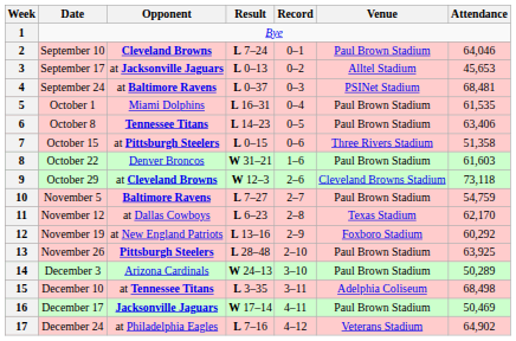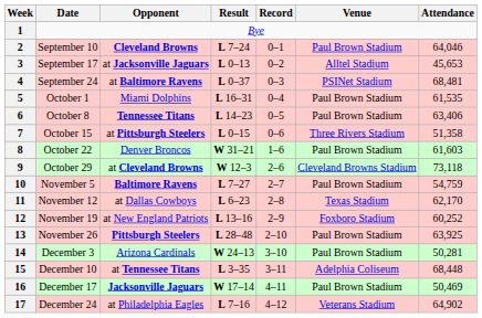 <table class="wikitable" style="text-align:center">
 <tr>
 <th>Week</th>
 <th>Date</th>
 <th>Opponent</th>
 <th>Result</th>
 <th>Record</th>
 <th>Venue</th>
 <th>Attendance</th>
 </tr>
 <tr>
 <th>1</th>
 <td colspan=6 align="center"><em><a href='#'>Bye</a></em></td>
 </tr>
 <tr style="background:#fcc">
 <th>2</th>
 <td>September 10</td>
 <td><strong><a href='#'>Cleveland Browns</a></strong></td>
 <td><strong>L</strong> 7–24</td>
 <td>0–1</td>
 <td><a href='#'>Paul Brown Stadium</a></td>
 <td>64,046</td>
 </tr>
 <tr style="background:#fcc">
 <th>3</th>
 <td>September 17</td>
 <td>at <strong><a href='#'>Jacksonville Jaguars</a></strong></td>
 <td><strong>L</strong> 0–13</td>
 <td>0–2</td>
 <td><a href='#'>Alltel Stadium</a></td>
 <td>45,653</td>
 </tr>
 <tr style="background:#fcc">
 <th>4</th>
 <td>September 24</td>
 <td>at <strong><a href='#'>Baltimore Ravens</a></strong></td>
 <td><strong>L</strong> 0–37</td>
 <td>0–3</td>
 <td><a href='#'>PSINet Stadium</a></td>
 <td>68,481</td>
 </tr>
 <tr style="background:#fcc">
 <th>5</th>
 <td>October 1</td>
 <td><a href='#'>Miami Dolphins</a></td>
 <td><strong>L</strong> 16–31</td>
 <td>0–4</td>
 <td>Paul Brown Stadium</td>
 <td>61,535</td>
 </tr>
 <tr style="background:#fcc">
 <th>6</th>
 <td>October 8</td>
 <td><strong><a href='#'>Tennessee Titans</a></strong></td>
 <td><strong>L</strong> 14–23</td>
 <td>0–5</td>
 <td>Paul Brown Stadium</td>
 <td>63,406</td>
 </tr>
 <tr style="background:#fcc">
 <th>7</th>
 <td>October 15</td>
 <td>at <strong><a href='#'>Pittsburgh Steelers</a></strong></td>
 <td><strong>L</strong> 0–15</td>
 <td>0–6</td>
 <td><a href='#'>Three Rivers Stadium</a></td>
 <td>51,358</td>
 </tr>
 <tr style="background:#cfc">
 <th>8</th>
 <td>October 22</td>
 <td><a href='#'>Denver Broncos</a></td>
 <td><strong>W</strong> 31–21</td>
 <td>1–6</td>
 <td>Paul Brown Stadium</td>
 <td>61,603</td>
 </tr>
 <tr style="background:#cfc">
 <th>9</th>
 <td>October 29</td>
 <td>at <strong><a href='#'>Cleveland Browns</a></strong></td>
 <td><strong>W</strong> 12–3</td>
 <td>2–6</td>
 <td><a href='#'>Cleveland Browns Stadium</a></td>
 <td>73,118</td>
 </tr>
 <tr style="background:#fcc">
 <th>10</th>
 <td>November 5</td>
 <td><strong><a href='#'>Baltimore Ravens</a></strong></td>
 <td><strong>L</strong> 7–27</td>
 <td>2–7</td>
 <td>Paul Brown Stadium</td>
 <td>54,759</td>
 </tr>
 <tr style="background:#fcc">
 <th>11</th>
 <td>November 12</td>
 <td>at <a href='#'>Dallas Cowboys</a></td>
 <td><strong>L</strong> 6–23</td>
 <td>2–8</td>
 <td><a href='#'>Texas Stadium</a></td>
 <td>62,170</td>
 </tr>
 <tr style="background:#fcc">
 <th>12</th>
 <td>November 19</td>
 <td>at <a href='#'>New England Patriots</a></td>
 <td><strong>L</strong> 13–16</td>
 <td>2–9</td>
 <td><a href='#'>Foxboro Stadium</a></td>
-<td>60,292</td>
+<td>60,252</td>
 </tr>
 <tr style="background:#fcc">
 <th>13</th>
 <td>November 26</td>
 <td><strong><a href='#'>Pittsburgh Steelers</a></strong></td>
 <td><strong>L</strong> 28–48</td>
 <td>2–10</td>
 <td>Paul Brown Stadium</td>
 <td>63,925</td>
 </tr>
 <tr style="background:#cfc">
 <th>14</th>
 <td>December 3</td>
 <td><a href='#'>Arizona Cardinals</a></td>
 <td><strong>W</strong> 24–13</td>
 <td>3–10</td>
 <td>Paul Brown Stadium</td>
-<td>50,289</td>
+<td>50,281</td>
 </tr>
 <tr style="background:#fcc">
 <th>15</th>
 <td>December 10</td>
 <td>at <strong><a href='#'>Tennessee Titans</a></strong></td>
 <td><strong>L</strong> 3–35</td>
 <td>3–11</td>
 <td><a href='#'>Adelphia Coliseum</a></td>
-<td>68,498</td>
+<td>68,448</td>
 </tr>
 <tr style="background:#cfc">
 <th>16</th>
 <td>December 17</td>
 <td><strong><a href='#'>Jacksonville Jaguars</a></strong></td>
 <td><strong>W</strong> 17–14</td>
 <td>4–11</td>
 <td>Paul Brown Stadium</td>
 <td>50,469</td>
 </tr>
 <tr style="background:#fcc">
 <th>17</th>
 <td>December 24</td>
 <td>at <a href='#'>Philadelphia Eagles</a></td>
 <td><strong>L</strong> 7–16</td>
 <td>4–12</td>
 <td><a href='#'>Veterans Stadium</a></td>
 <td>64,902</td>
 </tr>
 </table>
